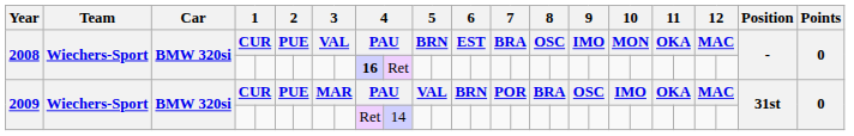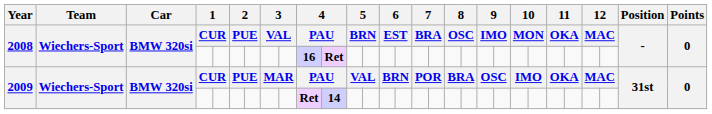 <table class="wikitable" style="text-align:center; font-size:85%">
 <tr>
 <th>Year</th>
 <th>Team</th>
 <th>Car</th>
 <th colspan=2>1</th>
 <th colspan=2>2</th>
 <th colspan=2>3</th>
 <th colspan=2>4</th>
 <th colspan=2>5</th>
 <th colspan=2>6</th>
 <th colspan=2>7</th>
 <th colspan=2>8</th>
 <th colspan=2>9</th>
 <th colspan=2>10</th>
 <th colspan=2>11</th>
 <th colspan=2>12</th>
 <th>Position</th>
 <th>Points</th>
 </tr>
 <tr>
 <th rowspan=2><a href='#'>2008</a></th>
 <th rowspan=2><a href='#'>Wiechers-Sport</a></th>
 <th rowspan=2><a href='#'>BMW 320si</a></th>
 <th colspan=2><a href='#'>CUR</a> </th>
 <th colspan=2><a href='#'>PUE</a> </th>
 <th colspan=2><a href='#'>VAL</a> </th>
 <th colspan=2><a href='#'>PAU</a> </th>
 <th colspan=2><a href='#'>BRN</a> </th>
 <th colspan=2><a href='#'>EST</a> </th>
 <th colspan=2><a href='#'>BRA</a> </th>
 <th colspan=2><a href='#'>OSC</a> </th>
 <th colspan=2><a href='#'>IMO</a> </th>
 <th colspan=2><a href='#'>MON</a> </th>
 <th colspan=2><a href='#'>OKA</a> </th>
 <th colspan=2><a href='#'>MAC</a> </th>
 <th rowspan=2>-</th>
 <th rowspan=2>0</th>
 </tr>
 <tr>
 <td></td>
 <td></td>
 <td></td>
 <td></td>
 <td></td>
 <td></td>
 <td style="background:#cfcfff;"><strong>16</strong></td>
-<td style="background:#efcfff;">Ret</td>
+<td style="background:#efcfff;"><strong>Ret</strong></td>
 <td></td>
 <td></td>
 <td></td>
 <td></td>
 <td></td>
 <td></td>
 <td></td>
 <td></td>
 <td></td>
 <td></td>
 <td></td>
 <td></td>
 <td></td>
 <td></td>
 <td></td>
 <td></td>
 </tr>
 <tr>
 <th rowspan=2><a href='#'>2009</a></th>
 <th rowspan=2><a href='#'>Wiechers-Sport</a></th>
 <th rowspan=2><a href='#'>BMW 320si</a></th>
 <th colspan=2><a href='#'>CUR</a> </th>
 <th colspan=2><a href='#'>PUE</a> </th>
 <th colspan=2><a href='#'>MAR</a> </th>
 <th colspan=2><a href='#'>PAU</a> </th>
 <th colspan=2><a href='#'>VAL</a> </th>
 <th colspan=2><a href='#'>BRN</a> </th>
 <th colspan=2><a href='#'>POR</a> </th>
 <th colspan=2><a href='#'>BRA</a> </th>
 <th colspan=2><a href='#'>OSC</a> </th>
 <th colspan=2><a href='#'>IMO</a> </th>
 <th colspan=2><a href='#'>OKA</a> </th>
 <th colspan=2><a href='#'>MAC</a> </th>
 <th rowspan=2>31st</th>
 <th rowspan=2>0</th>
 </tr>
 <tr>
 <td></td>
 <td></td>
 <td></td>
 <td></td>
 <td></td>
 <td></td>
-<td style="background:#efcfff;">Ret</td>
-<td style="background:#cfcfff;">14</td>
+<td style="background:#efcfff;"><strong>Ret</strong></td>
+<td style="background:#cfcfff;"><strong>14</strong></td>
 <td></td>
 <td></td>
 <td></td>
 <td></td>
 <td></td>
 <td></td>
 <td></td>
 <td></td>
 <td></td>
 <td></td>
 <td></td>
 <td></td>
 <td></td>
 <td></td>
 <td></td>
 <td></td>
 </tr>
 </table>
